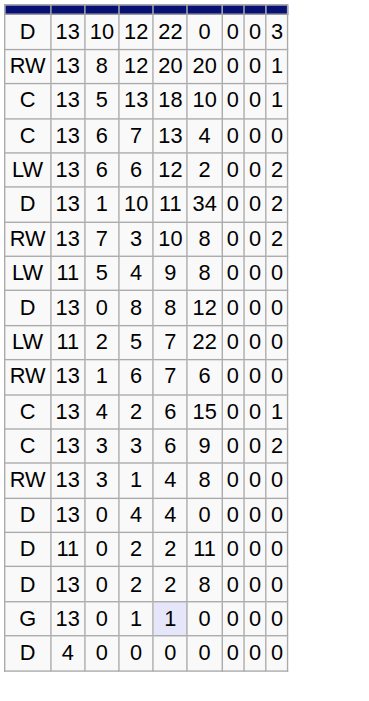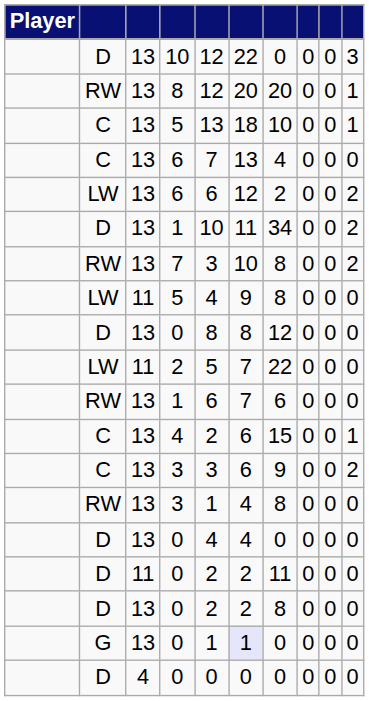 <table class="wikitable sortable">
 <tr align=center>
+<th style="color:white; background:#081073; ">Player</th>
 <th style="color:white; background:#081073; "></th>
 <th style="color:white; background:#081073; "></th>
 <th style="color:white;background:#081073; "></th>
 <th style="color:white;background:#081073; "></th>
 <th style="color:white;background:#081073; "></th>
 <th style="color:white;background:#081073; "></th>
 <th style="color:white;background:#081073; "></th>
 <th style="color:white;background:#081073; "></th>
 <th style="color:white;background:#081073; "></th>
 </tr>
 <tr align="center">
+<td align="right"></td>
 <td>D</td>
 <td>13</td>
 <td>10</td>
 <td>12</td>
 <td>22</td>
 <td>0</td>
 <td>0</td>
 <td>0</td>
 <td>3</td>
 </tr>
 <tr align="center">
+<td align="right"></td>
 <td>RW</td>
 <td>13</td>
 <td>8</td>
 <td>12</td>
 <td>20</td>
 <td>20</td>
 <td>0</td>
 <td>0</td>
 <td>1</td>
 </tr>
 <tr align="center">
+<td align="right"></td>
 <td>C</td>
 <td>13</td>
 <td>5</td>
 <td>13</td>
 <td>18</td>
 <td>10</td>
 <td>0</td>
 <td>0</td>
 <td>1</td>
 </tr>
 <tr align="center">
+<td align="right"></td>
 <td>C</td>
 <td>13</td>
 <td>6</td>
 <td>7</td>
 <td>13</td>
 <td>4</td>
 <td>0</td>
 <td>0</td>
 <td>0</td>
 </tr>
 <tr align="center">
+<td align="right"></td>
 <td>LW</td>
 <td>13</td>
 <td>6</td>
 <td>6</td>
 <td>12</td>
 <td>2</td>
 <td>0</td>
 <td>0</td>
 <td>2</td>
 </tr>
 <tr align="center">
+<td align="right"></td>
 <td>D</td>
 <td>13</td>
 <td>1</td>
 <td>10</td>
 <td>11</td>
 <td>34</td>
 <td>0</td>
 <td>0</td>
 <td>2</td>
 </tr>
 <tr align="center">
+<td align="right"></td>
 <td>RW</td>
 <td>13</td>
 <td>7</td>
 <td>3</td>
 <td>10</td>
 <td>8</td>
 <td>0</td>
 <td>0</td>
 <td>2</td>
 </tr>
 <tr align="center">
+<td align="right"></td>
 <td>LW</td>
 <td>11</td>
 <td>5</td>
 <td>4</td>
 <td>9</td>
 <td>8</td>
 <td>0</td>
 <td>0</td>
 <td>0</td>
 </tr>
 <tr align="center">
+<td align="right"></td>
 <td>D</td>
 <td>13</td>
 <td>0</td>
 <td>8</td>
 <td>8</td>
 <td>12</td>
 <td>0</td>
 <td>0</td>
 <td>0</td>
 </tr>
 <tr align="center">
+<td align="right"></td>
 <td>LW</td>
 <td>11</td>
 <td>2</td>
 <td>5</td>
 <td>7</td>
 <td>22</td>
 <td>0</td>
 <td>0</td>
 <td>0</td>
 </tr>
 <tr align="center">
+<td align="right"></td>
 <td>RW</td>
 <td>13</td>
 <td>1</td>
 <td>6</td>
 <td>7</td>
 <td>6</td>
 <td>0</td>
 <td>0</td>
 <td>0</td>
 </tr>
 <tr align="center">
+<td align="right"></td>
 <td>C</td>
 <td>13</td>
 <td>4</td>
 <td>2</td>
 <td>6</td>
 <td>15</td>
 <td>0</td>
 <td>0</td>
 <td>1</td>
 </tr>
 <tr align="center">
+<td align="right"></td>
 <td>C</td>
 <td>13</td>
 <td>3</td>
 <td>3</td>
 <td>6</td>
 <td>9</td>
 <td>0</td>
 <td>0</td>
 <td>2</td>
 </tr>
 <tr align="center">
+<td align="right"></td>
 <td>RW</td>
 <td>13</td>
 <td>3</td>
 <td>1</td>
 <td>4</td>
 <td>8</td>
 <td>0</td>
 <td>0</td>
 <td>0</td>
 </tr>
 <tr align="center">
+<td align="right"></td>
 <td>D</td>
 <td>13</td>
 <td>0</td>
 <td>4</td>
 <td>4</td>
 <td>0</td>
 <td>0</td>
 <td>0</td>
 <td>0</td>
 </tr>
 <tr align="center">
+<td align="right"></td>
 <td>D</td>
 <td>11</td>
 <td>0</td>
 <td>2</td>
 <td>2</td>
 <td>11</td>
 <td>0</td>
 <td>0</td>
 <td>0</td>
 </tr>
 <tr align="center">
+<td align="right"></td>
 <td>D</td>
 <td>13</td>
 <td>0</td>
 <td>2</td>
 <td>2</td>
 <td>8</td>
 <td>0</td>
 <td>0</td>
 <td>0</td>
 </tr>
 <tr align="center">
+<td align="right"></td>
 <td>G</td>
 <td>13</td>
 <td>0</td>
 <td>1</td>
 <td style="background: lavender;">1</td>
 <td>0</td>
 <td>0</td>
 <td>0</td>
 <td>0</td>
 </tr>
 <tr align="center">
+<td align="right"></td>
 <td>D</td>
 <td>4</td>
 <td>0</td>
 <td>0</td>
 <td>0</td>
 <td>0</td>
 <td>0</td>
 <td>0</td>
 <td>0</td>
 </tr>
 </table>
